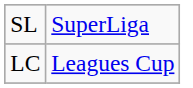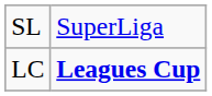 <table class="wikitable" style="font-size:90%;">
 <tr>
 <td>SL</td>
 <td><a href='#'>SuperLiga</a></td>
 </tr>
 <tr>
 <td>LC</td>
-<td><a href='#'>Leagues Cup</a></td>
+<td><strong><a href='#'>Leagues Cup</a></strong></td>
 </tr>
 </table>
